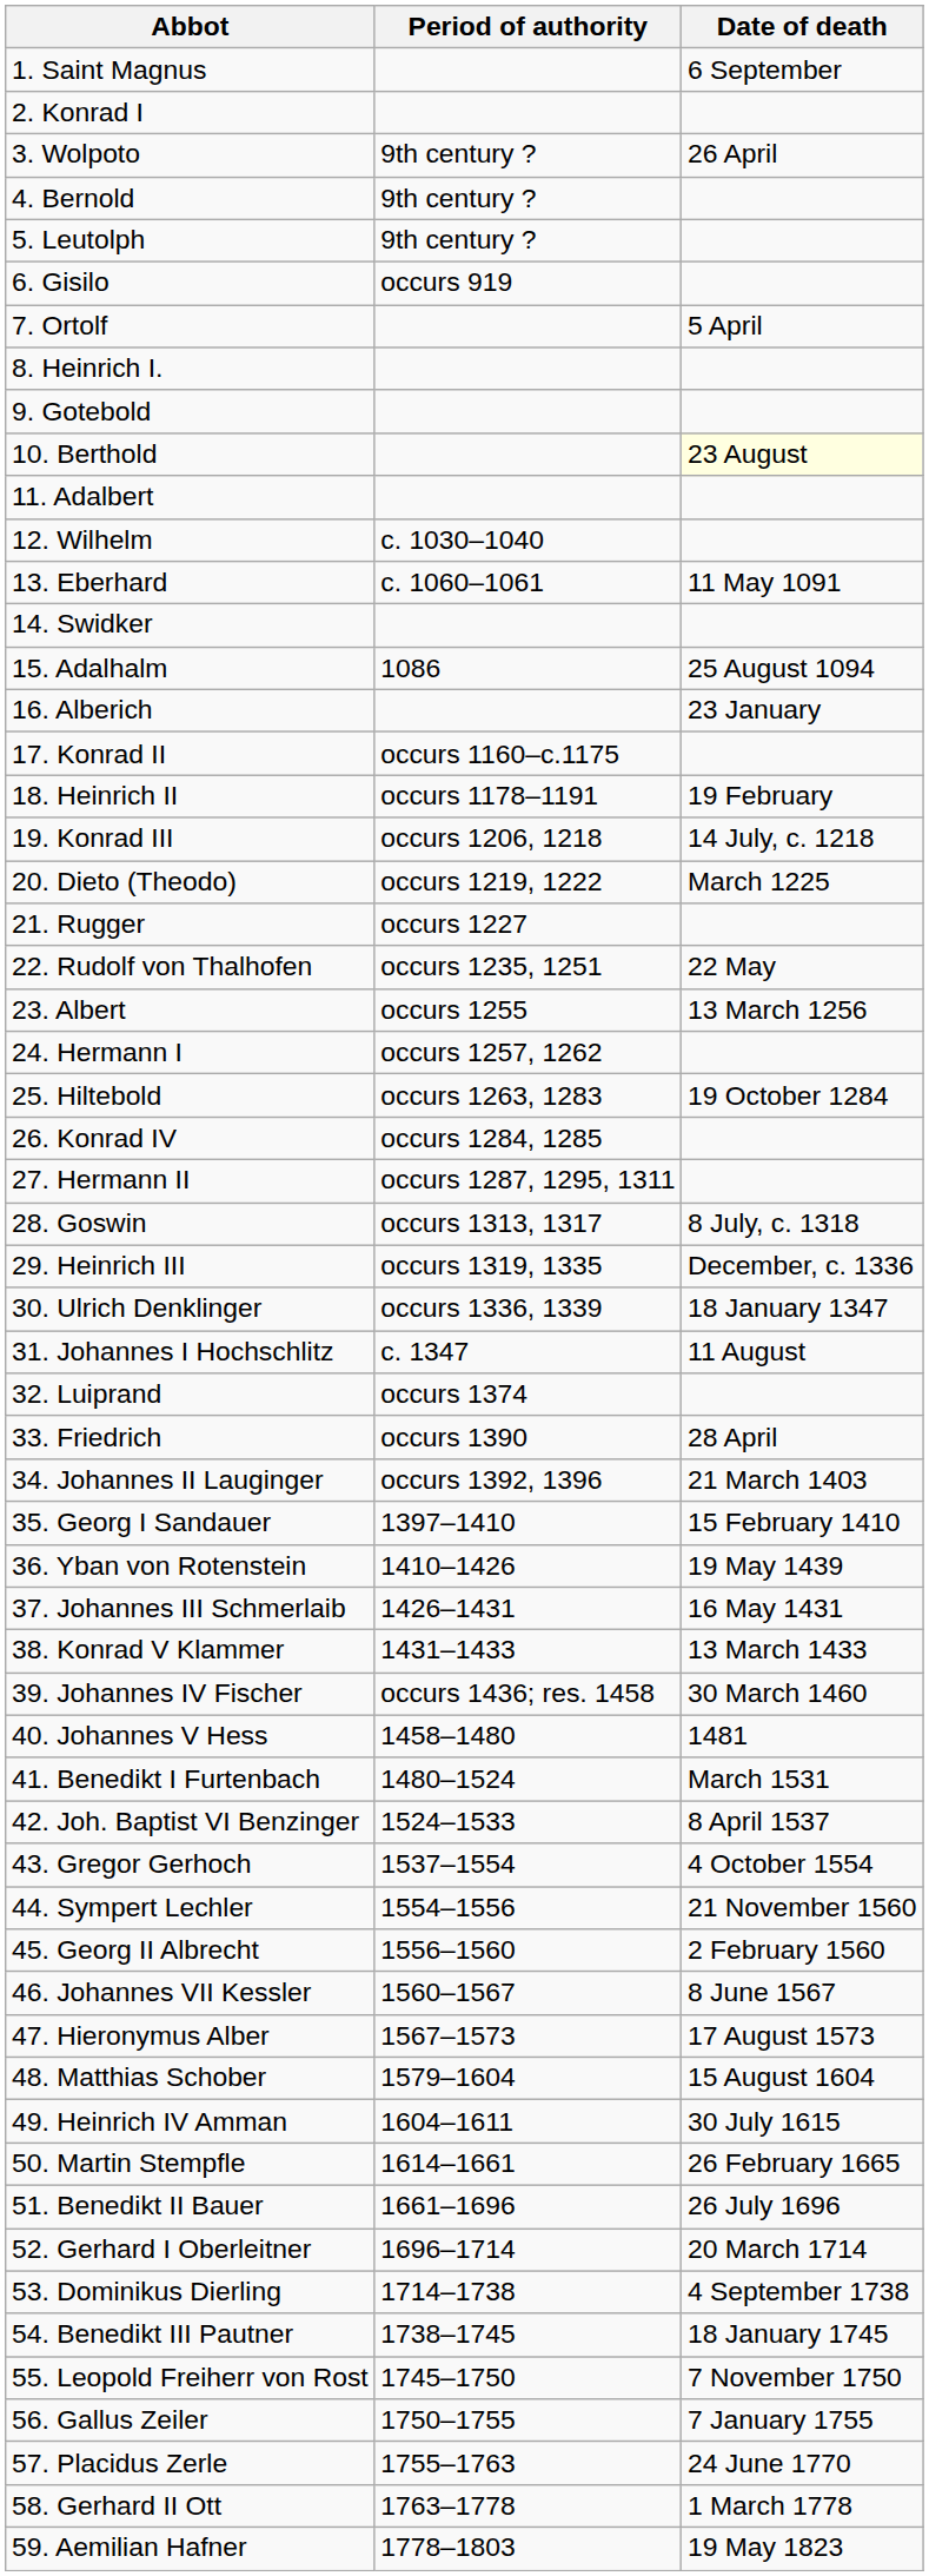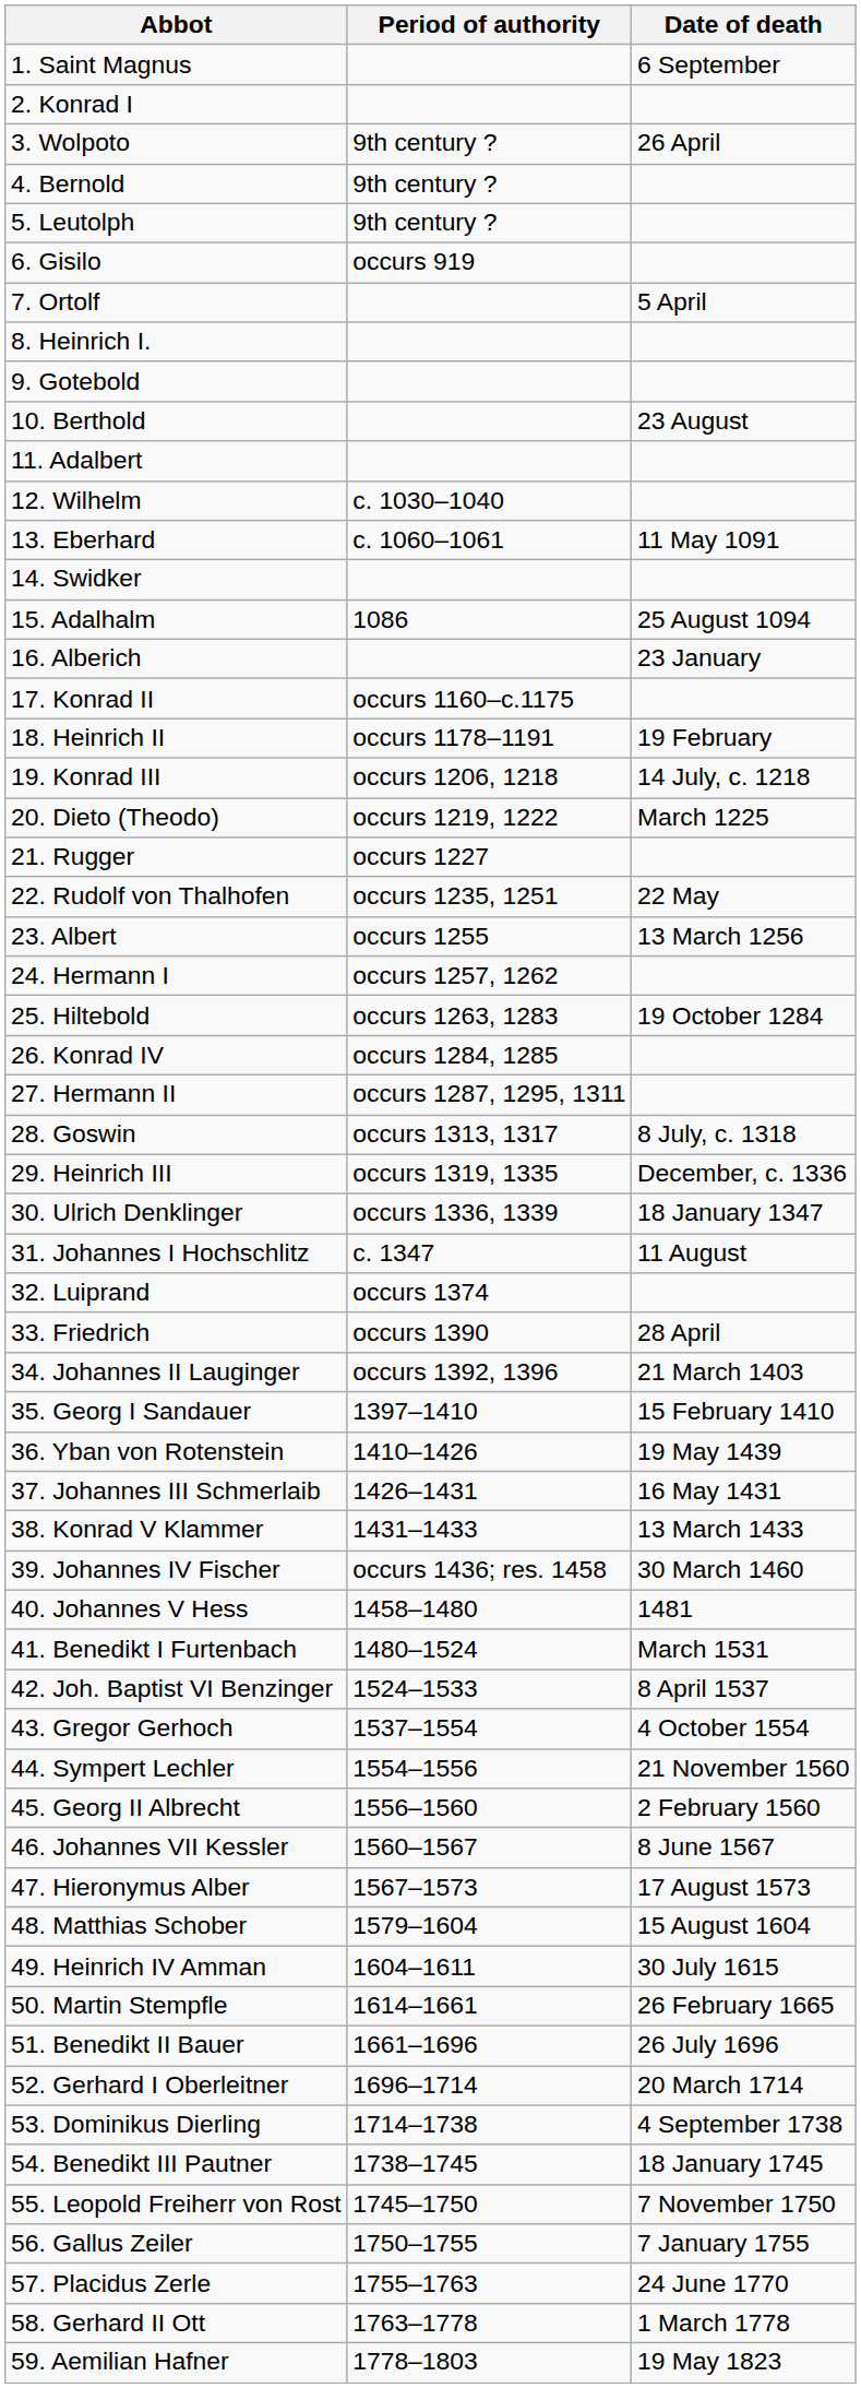 <table class="wikitable">
 <tr>
 <th align="left">Abbot</th>
 <th align="left">Period of authority</th>
 <th align="left">Date of death</th>
 </tr>
 <tr>
 <td>1. Saint Magnus</td>
 <td> </td>
 <td>6 September</td>
 </tr>
 <tr>
 <td>2. Konrad I</td>
 <td> </td>
 <td> </td>
 </tr>
 <tr>
 <td>3. Wolpoto</td>
 <td>9th century ?</td>
 <td>26 April</td>
 </tr>
 <tr>
 <td>4. Bernold</td>
 <td>9th century ?</td>
 <td> </td>
 </tr>
 <tr>
 <td>5. Leutolph</td>
 <td>9th century ?</td>
 <td> </td>
 </tr>
 <tr>
 <td>6. Gisilo</td>
 <td>occurs 919</td>
 <td> </td>
 </tr>
 <tr>
 <td>7. Ortolf</td>
 <td> </td>
 <td>5 April</td>
 </tr>
 <tr>
 <td>8. Heinrich I.</td>
 <td> </td>
 <td> </td>
 </tr>
 <tr>
 <td>9. Gotebold</td>
 <td> </td>
 <td> </td>
 </tr>
 <tr>
 <td>10. Berthold</td>
 <td> </td>
-<td style="background: lightyellow;">23 August</td>
+<td>23 August</td>
 </tr>
 <tr>
 <td>11. Adalbert</td>
 <td> </td>
 <td> </td>
 </tr>
 <tr>
 <td>12. Wilhelm</td>
 <td>c. 1030–1040</td>
 <td> </td>
 </tr>
 <tr>
 <td>13. Eberhard</td>
 <td>c. 1060–1061</td>
 <td>11 May 1091</td>
 </tr>
 <tr>
 <td>14. Swidker</td>
 <td> </td>
 <td> </td>
 </tr>
 <tr>
 <td>15. Adalhalm</td>
 <td>1086</td>
 <td>25 August 1094</td>
 </tr>
 <tr>
 <td>16. Alberich</td>
 <td> </td>
 <td>23 January</td>
 </tr>
 <tr>
 <td>17. Konrad II</td>
 <td>occurs 1160–c.1175</td>
 <td> </td>
 </tr>
 <tr>
 <td>18. Heinrich II</td>
 <td>occurs 1178–1191</td>
 <td>19 February</td>
 </tr>
 <tr>
 <td>19. Konrad III</td>
 <td>occurs 1206, 1218</td>
 <td>14 July, c. 1218</td>
 </tr>
 <tr>
 <td>20. Dieto (Theodo)</td>
 <td>occurs 1219, 1222</td>
 <td>March 1225</td>
 </tr>
 <tr>
 <td>21. Rugger</td>
 <td>occurs 1227</td>
 <td> </td>
 </tr>
 <tr>
 <td>22. Rudolf von Thalhofen</td>
 <td>occurs 1235, 1251</td>
 <td>22 May</td>
 </tr>
 <tr>
 <td>23. Albert</td>
 <td>occurs 1255</td>
 <td>13 March 1256</td>
 </tr>
 <tr>
 <td>24. Hermann I</td>
 <td>occurs 1257, 1262</td>
 <td> </td>
 </tr>
 <tr>
 <td>25. Hiltebold</td>
 <td>occurs 1263, 1283</td>
 <td>19 October 1284</td>
 </tr>
 <tr>
 <td>26. Konrad IV</td>
 <td>occurs 1284, 1285</td>
 <td> </td>
 </tr>
 <tr>
 <td>27. Hermann II</td>
 <td>occurs 1287, 1295, 1311</td>
 <td> </td>
 </tr>
 <tr>
 <td>28. Goswin</td>
 <td>occurs 1313, 1317</td>
 <td>8 July, c. 1318</td>
 </tr>
 <tr>
 <td>29. Heinrich III</td>
 <td>occurs 1319, 1335</td>
 <td>December, c. 1336</td>
 </tr>
 <tr>
 <td>30. Ulrich Denklinger</td>
 <td>occurs 1336, 1339</td>
 <td>18 January 1347</td>
 </tr>
 <tr>
 <td>31. Johannes I Hochschlitz</td>
 <td>c. 1347</td>
 <td>11 August</td>
 </tr>
 <tr>
 <td>32. Luiprand</td>
 <td>occurs 1374</td>
 <td> </td>
 </tr>
 <tr>
 <td>33. Friedrich</td>
 <td>occurs 1390</td>
 <td>28 April</td>
 </tr>
 <tr>
 <td>34. Johannes II Lauginger</td>
 <td>occurs 1392, 1396</td>
 <td>21 March 1403</td>
 </tr>
 <tr>
 <td>35. Georg I Sandauer</td>
 <td>1397–1410</td>
 <td>15 February 1410</td>
 </tr>
 <tr>
 <td>36. Yban von Rotenstein</td>
 <td>1410–1426</td>
 <td>19 May 1439</td>
 </tr>
 <tr>
 <td>37. Johannes III Schmerlaib</td>
 <td>1426–1431</td>
 <td>16 May 1431</td>
 </tr>
 <tr>
 <td>38. Konrad V Klammer</td>
 <td>1431–1433</td>
 <td>13 March 1433</td>
 </tr>
 <tr>
 <td>39. Johannes IV Fischer</td>
 <td>occurs 1436; res. 1458</td>
 <td>30 March 1460</td>
 </tr>
 <tr>
 <td>40. Johannes V Hess</td>
 <td>1458–1480</td>
 <td>1481</td>
 </tr>
 <tr>
 <td>41. Benedikt I Furtenbach</td>
 <td>1480–1524</td>
 <td>March 1531</td>
 </tr>
 <tr>
 <td>42. Joh. Baptist VI Benzinger</td>
 <td>1524–1533</td>
 <td>8 April 1537</td>
 </tr>
 <tr>
 <td>43. Gregor Gerhoch</td>
 <td>1537–1554</td>
 <td>4 October 1554</td>
 </tr>
 <tr>
 <td>44. Sympert Lechler</td>
 <td>1554–1556</td>
 <td>21 November 1560</td>
 </tr>
 <tr>
 <td>45. Georg II Albrecht</td>
 <td>1556–1560</td>
 <td>2 February 1560</td>
 </tr>
 <tr>
 <td>46. Johannes VII Kessler</td>
 <td>1560–1567</td>
 <td>8 June 1567</td>
 </tr>
 <tr>
 <td>47. Hieronymus Alber</td>
 <td>1567–1573</td>
 <td>17 August 1573</td>
 </tr>
 <tr>
 <td>48. Matthias Schober</td>
 <td>1579–1604</td>
 <td>15 August 1604</td>
 </tr>
 <tr>
 <td>49. Heinrich IV Amman</td>
 <td>1604–1611</td>
 <td>30 July 1615</td>
 </tr>
 <tr>
 <td>50. Martin Stempfle</td>
 <td>1614–1661</td>
 <td>26 February 1665</td>
 </tr>
 <tr>
 <td>51. Benedikt II Bauer</td>
 <td>1661–1696</td>
 <td>26 July 1696</td>
 </tr>
 <tr>
 <td>52. Gerhard I Oberleitner</td>
 <td>1696–1714</td>
 <td>20 March 1714</td>
 </tr>
 <tr>
 <td>53. Dominikus Dierling</td>
 <td>1714–1738</td>
 <td>4 September 1738</td>
 </tr>
 <tr>
 <td>54. Benedikt III Pautner</td>
 <td>1738–1745</td>
 <td>18 January 1745</td>
 </tr>
 <tr>
 <td>55. Leopold Freiherr von Rost</td>
 <td>1745–1750</td>
 <td>7 November 1750</td>
 </tr>
 <tr>
 <td>56. Gallus Zeiler</td>
 <td>1750–1755</td>
 <td>7 January 1755</td>
 </tr>
 <tr>
 <td>57. Placidus Zerle</td>
 <td>1755–1763</td>
 <td>24 June 1770</td>
 </tr>
 <tr>
 <td>58. Gerhard II Ott</td>
 <td>1763–1778</td>
 <td>1 March 1778</td>
 </tr>
 <tr>
 <td>59. Aemilian Hafner</td>
 <td>1778–1803</td>
 <td>19 May 1823</td>
 </tr>
 </table>
